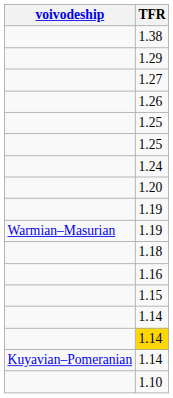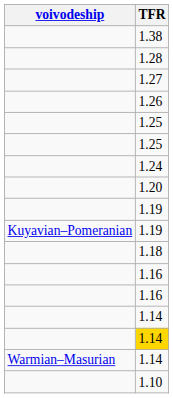 <table class="wikitable sortable">
 <tr>
 <th><a href='#'>voivodeship</a></th>
 <th>TFR</th>
 </tr>
 <tr>
 <td></td>
 <td>1.38</td>
 </tr>
 <tr>
 <td></td>
-<td>1.29</td>
+<td>1.28</td>
 </tr>
 <tr>
 <td></td>
 <td>1.27</td>
 </tr>
 <tr>
 <td></td>
 <td>1.26</td>
 </tr>
 <tr>
 <td></td>
 <td>1.25</td>
 </tr>
 <tr>
 <td></td>
 <td>1.25</td>
 </tr>
 <tr>
 <td></td>
 <td>1.24</td>
 </tr>
 <tr>
 <td></td>
 <td>1.20</td>
 </tr>
 <tr>
 <td></td>
 <td>1.19</td>
 </tr>
 <tr>
-<td> <a href='#'>Warmian–Masurian</a></td>
+<td> <a href='#'>Kuyavian–Pomeranian</a></td>
 <td>1.19</td>
 </tr>
 <tr>
 <td></td>
 <td>1.18</td>
 </tr>
 <tr>
 <td><strong></strong></td>
 <td>1.16</td>
 </tr>
 <tr>
 <td></td>
-<td>1.15</td>
+<td>1.16</td>
 </tr>
 <tr>
 <td></td>
 <td>1.14</td>
 </tr>
 <tr>
 <td></td>
 <td style="background: gold;">1.14</td>
 </tr>
 <tr>
-<td> <a href='#'>Kuyavian–Pomeranian</a></td>
+<td> <a href='#'>Warmian–Masurian</a></td>
 <td>1.14</td>
 </tr>
 <tr>
 <td></td>
 <td>1.10</td>
 </tr>
 </table>
